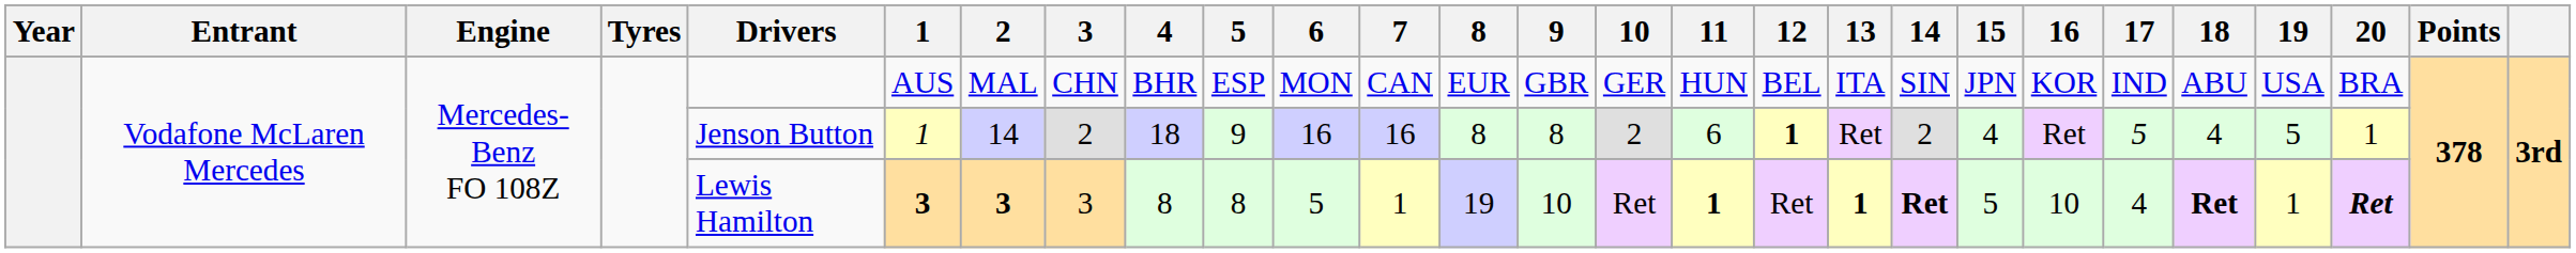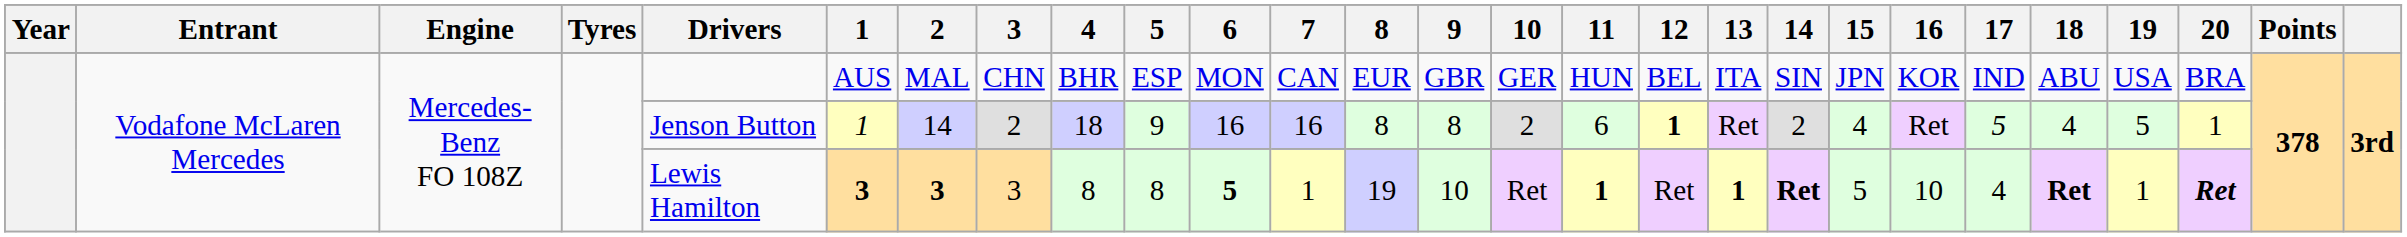 <table class="wikitable" style="text-align:center; font-size:95%">
 <tr>
 <th>Year</th>
 <th>Entrant</th>
 <th>Engine</th>
 <th>Tyres</th>
 <th>Drivers</th>
 <th>1</th>
 <th>2</th>
 <th>3</th>
 <th>4</th>
 <th>5</th>
 <th>6</th>
 <th>7</th>
 <th>8</th>
 <th>9</th>
 <th>10</th>
 <th>11</th>
 <th>12</th>
 <th>13</th>
 <th>14</th>
 <th>15</th>
 <th>16</th>
 <th>17</th>
 <th>18</th>
 <th>19</th>
 <th>20</th>
 <th>Points</th>
 <th></th>
 </tr>
 <tr>
 <th rowspan=3></th>
 <td rowspan=3><a href='#'>Vodafone McLaren Mercedes</a></td>
 <td rowspan=3><a href='#'>Mercedes-Benz</a><br>FO 108Z</td>
 <td rowspan=3></td>
 <td></td>
 <td><a href='#'>AUS</a></td>
 <td><a href='#'>MAL</a></td>
 <td><a href='#'>CHN</a></td>
 <td><a href='#'>BHR</a></td>
 <td><a href='#'>ESP</a></td>
 <td><a href='#'>MON</a></td>
 <td><a href='#'>CAN</a></td>
 <td><a href='#'>EUR</a></td>
 <td><a href='#'>GBR</a></td>
 <td><a href='#'>GER</a></td>
 <td><a href='#'>HUN</a></td>
 <td><a href='#'>BEL</a></td>
 <td><a href='#'>ITA</a></td>
 <td><a href='#'>SIN</a></td>
 <td><a href='#'>JPN</a></td>
 <td><a href='#'>KOR</a></td>
 <td><a href='#'>IND</a></td>
 <td><a href='#'>ABU</a></td>
 <td><a href='#'>USA</a></td>
 <td><a href='#'>BRA</a></td>
 <td rowspan="3" style="background-color:#ffdf9f"><strong>378</strong></td>
 <td rowspan="3" style="background-color:#ffdf9f"><strong>3rd</strong></td>
 </tr>
 <tr>
 <td align="left"> <a href='#'>Jenson Button</a></td>
 <td style="background-color:#ffffbf"><em>1</em></td>
 <td style="background-color:#cfcfff">14</td>
 <td style="background-color:#dfdfdf">2</td>
 <td style="background-color:#cfcfff">18</td>
 <td style="background-color:#dfffdf">9</td>
 <td style="background-color:#cfcfff">16</td>
 <td style="background-color:#cfcfff">16</td>
 <td style="background-color:#dfffdf">8</td>
 <td style="background-color:#dfffdf">8</td>
 <td style="background-color:#dfdfdf">2</td>
 <td style="background-color:#dfffdf">6</td>
 <td style="background-color:#ffffbf"><strong>1</strong></td>
 <td style="background-color:#efcfff">Ret</td>
 <td style="background-color:#dfdfdf">2</td>
 <td style="background-color:#dfffdf">4</td>
 <td style="background-color:#efcfff">Ret</td>
 <td style="background-color:#dfffdf"><em>5</em></td>
 <td style="background-color:#dfffdf">4</td>
 <td style="background-color:#dfffdf">5</td>
 <td style="background-color:#ffffbf">1</td>
 </tr>
 <tr>
 <td align="left"> <a href='#'>Lewis Hamilton</a></td>
 <td style="background-color:#ffdf9f"><strong>3</strong></td>
 <td style="background-color:#ffdf9f"><strong>3</strong></td>
 <td style="background-color:#ffdf9f">3</td>
 <td style="background-color:#dfffdf">8</td>
 <td style="background-color:#dfffdf">8</td>
-<td style="background-color:#dfffdf">5</td>
+<td style="background-color:#dfffdf"><strong>5</strong></td>
 <td style="background-color:#ffffbf">1</td>
 <td style="background-color:#cfcfff">19</td>
 <td style="background-color:#dfffdf">10</td>
 <td style="background-color:#efcfff">Ret</td>
 <td style="background-color:#ffffbf"><strong>1</strong></td>
 <td style="background-color:#efcfff">Ret</td>
 <td style="background-color:#ffffbf"><strong>1</strong></td>
 <td style="background-color:#efcfff"><strong>Ret</strong></td>
 <td style="background-color:#dfffdf">5</td>
 <td style="background-color:#dfffdf">10</td>
 <td style="background-color:#dfffdf">4</td>
 <td style="background-color:#efcfff"><strong>Ret</strong></td>
 <td style="background-color:#ffffbf">1</td>
 <td style="background-color:#efcfff"><strong><em>Ret</em></strong></td>
 </tr>
 </table>
